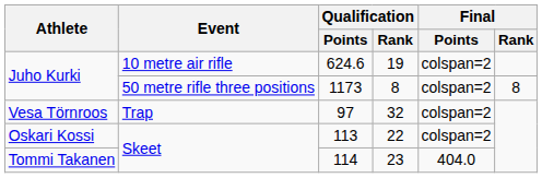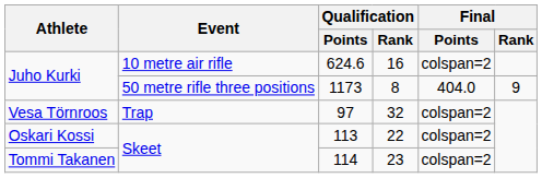 <table class=wikitable style=font-size:90%;text-align:center>
 <tr>
 <th rowspan=2>Athlete</th>
 <th rowspan=2>Event</th>
 <th colspan=2>Qualification</th>
 <th colspan=2>Final</th>
 </tr>
 <tr style=font-size:95%>
 <th>Points</th>
 <th>Rank</th>
 <th>Points</th>
 <th>Rank</th>
 </tr>
 <tr>
 <td align=left rowspan=2><a href='#'>Juho Kurki</a></td>
 <td align=left><a href='#'>10 metre air rifle</a></td>
 <td>624.6</td>
-<td>19</td>
+<td>16</td>
 <td>colspan=2 </td>
 </tr>
 <tr>
 <td align=left><a href='#'>50 metre rifle three positions</a></td>
 <td>1173</td>
 <td>8 </td>
-<td>colspan=2 </td>
-<td>8</td>
+<td>404.0</td>
+<td>9</td>
 </tr>
 <tr>
 <td align=left><a href='#'>Vesa Törnroos</a></td>
 <td align=left><a href='#'>Trap</a></td>
 <td>97</td>
 <td>32</td>
 <td>colspan=2 </td>
 </tr>
 <tr>
 <td align=left><a href='#'>Oskari Kossi</a></td>
 <td align=left rowspan=2><a href='#'>Skeet</a></td>
 <td>113</td>
 <td>22</td>
 <td>colspan=2 </td>
 </tr>
 <tr>
 <td align=left><a href='#'>Tommi Takanen</a></td>
 <td>114</td>
 <td>23</td>
-<td>404.0</td>
+<td>colspan=2 </td>
 </tr>
 </table>
